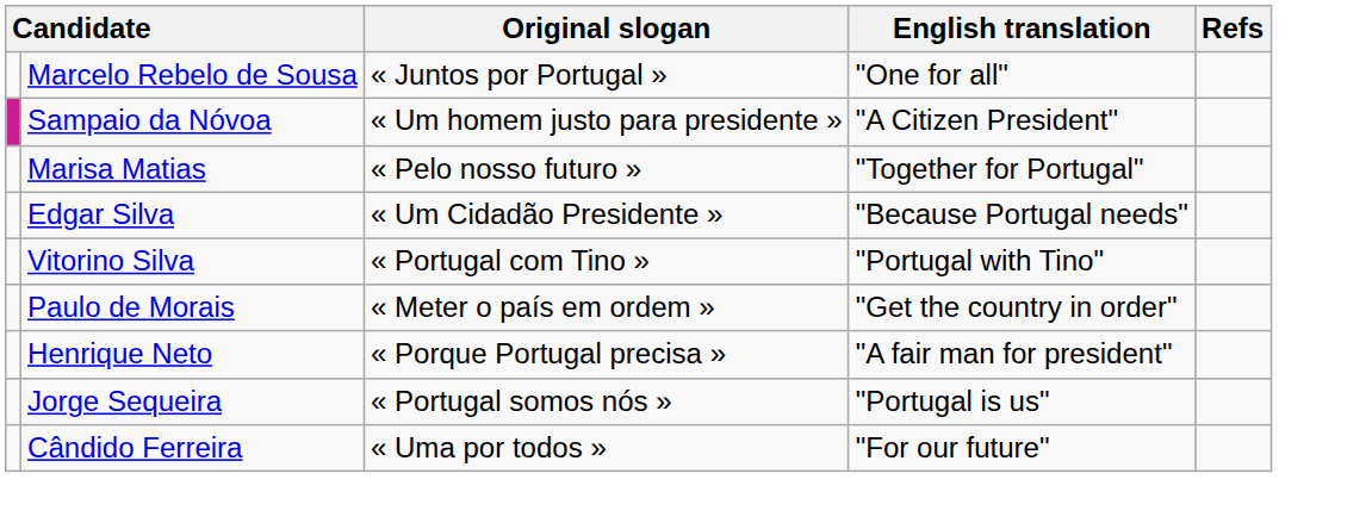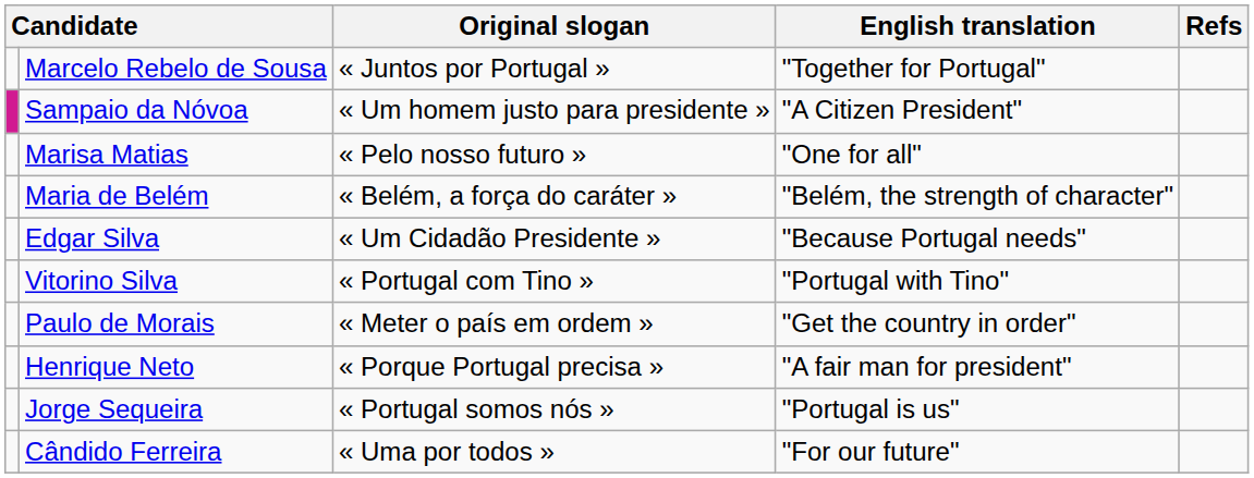 <table class="wikitable" style="font-size:97%; text-align:left">
 <tr>
 <th style="text-align:left;" colspan="2">Candidate</th>
 <th>Original slogan</th>
 <th>English translation</th>
 <th>Refs</th>
 </tr>
 <tr>
 <td></td>
 <td><a href='#'>Marcelo Rebelo de Sousa</a></td>
 <td>« Juntos por Portugal »</td>
-<td>"One for all"</td>
+<td>"Together for Portugal"</td>
 <td></td>
 </tr>
 <tr>
 <td width="1" bgcolor="#d11a91"></td>
 <td><a href='#'>Sampaio da Nóvoa</a></td>
 <td>« Um homem justo para presidente »</td>
 <td>"A Citizen President"</td>
 <td></td>
 </tr>
 <tr>
 <td></td>
 <td><a href='#'>Marisa Matias</a></td>
 <td>« Pelo nosso futuro »</td>
-<td>"Together for Portugal"</td>
+<td>"One for all"</td>
+<td></td>
+</tr>
+<tr>
+<td width="1"></td>
+<td><a href='#'>Maria de Belém</a></td>
+<td>« Belém, a força do caráter »</td>
+<td>"Belém, the strength of character"</td>
 <td></td>
 </tr>
 <tr>
 <td></td>
 <td><a href='#'>Edgar Silva</a></td>
 <td>« Um Cidadão Presidente »</td>
 <td>"Because Portugal needs"</td>
 <td></td>
 </tr>
 <tr>
 <td width="1"></td>
 <td><a href='#'>Vitorino Silva</a></td>
 <td>« Portugal com Tino »</td>
 <td>"Portugal with Tino"</td>
 <td></td>
 </tr>
 <tr>
 <td width="1"></td>
 <td><a href='#'>Paulo de Morais</a></td>
 <td>« Meter o país em ordem »</td>
 <td>"Get the country in order"</td>
 <td></td>
 </tr>
 <tr>
 <td width="1"></td>
 <td><a href='#'>Henrique Neto</a></td>
 <td>« Porque Portugal precisa »</td>
 <td>"A fair man for president"</td>
 <td></td>
 </tr>
 <tr>
 <td width="1"></td>
 <td><a href='#'>Jorge Sequeira</a></td>
 <td>« Portugal somos nós »</td>
 <td>"Portugal is us"</td>
 <td></td>
 </tr>
 <tr>
 <td width="1"></td>
 <td><a href='#'>Cândido Ferreira</a></td>
 <td>« Uma por todos »</td>
 <td>"For our future"</td>
 <td></td>
 </tr>
 </table>
